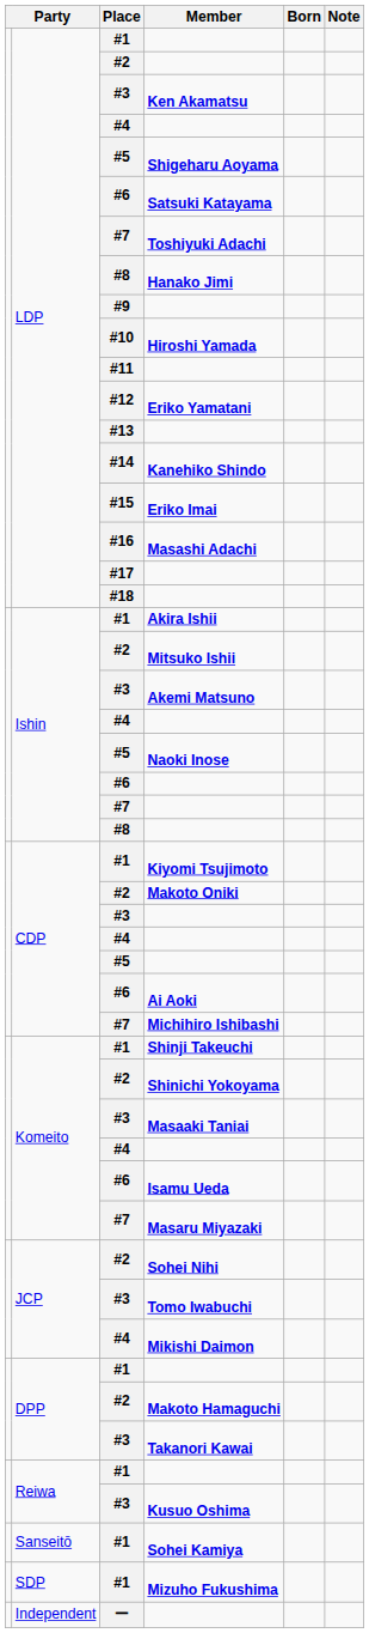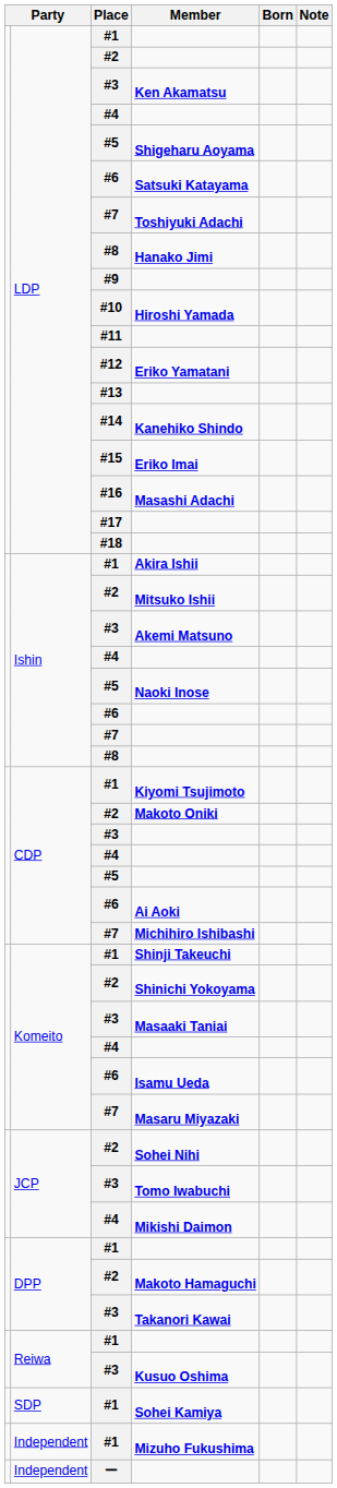 <table class="wikitable sortable plainrowheaders" id="votingmembers">
 <tr style="vertical-align:bottom">
 <th colspan=2>Party</th>
 <th>Place</th>
 <th>Member</th>
 <th>Born</th>
 <th>Note</th>
 </tr>
 <tr>
 <td rowspan=18 style="background-color:"></td>
 <td rowspan=18><a href='#'>LDP</a></td>
 <th>#1</th>
 <td><strong></strong></td>
 <td></td>
 <td></td>
 </tr>
 <tr>
 <th>#2</th>
 <td><strong></strong></td>
 <td></td>
 <td></td>
 </tr>
 <tr>
 <th>#3</th>
 <td><br><strong><a href='#'>Ken Akamatsu</a></strong></td>
 <td></td>
 <td></td>
 </tr>
 <tr>
 <th>#4</th>
 <td><strong></strong></td>
 <td></td>
 <td></td>
 </tr>
 <tr>
 <th>#5</th>
 <td><br><strong><a href='#'>Shigeharu Aoyama</a></strong></td>
 <td></td>
 <td></td>
 </tr>
 <tr>
 <th>#6</th>
 <td><br><strong><a href='#'>Satsuki Katayama</a></strong></td>
 <td></td>
 <td></td>
 </tr>
 <tr>
 <th>#7</th>
 <td><br><strong><a href='#'>Toshiyuki Adachi</a></strong></td>
 <td></td>
 <td></td>
 </tr>
 <tr>
 <th>#8</th>
 <td><br><strong><a href='#'>Hanako Jimi</a></strong></td>
 <td></td>
 <td></td>
 </tr>
 <tr>
 <th>#9</th>
 <td><br><strong></strong></td>
 <td></td>
 <td></td>
 </tr>
 <tr>
 <th>#10</th>
 <td><br><strong><a href='#'>Hiroshi Yamada</a></strong></td>
 <td></td>
 <td></td>
 </tr>
 <tr>
 <th>#11</th>
 <td><strong></strong></td>
 <td></td>
 <td></td>
 </tr>
 <tr>
 <th>#12</th>
 <td><br><strong><a href='#'>Eriko Yamatani</a></strong></td>
 <td></td>
 <td></td>
 </tr>
 <tr>
 <th>#13</th>
 <td><strong></strong></td>
 <td></td>
 <td></td>
 </tr>
 <tr>
 <th>#14</th>
 <td><br><strong><a href='#'>Kanehiko Shindo</a></strong></td>
 <td></td>
 <td></td>
 </tr>
 <tr>
 <th>#15</th>
 <td><br><strong><a href='#'>Eriko Imai</a></strong></td>
 <td></td>
 <td></td>
 </tr>
 <tr>
 <th>#16</th>
 <td><br><strong><a href='#'>Masashi Adachi</a></strong></td>
 <td></td>
 <td></td>
 </tr>
 <tr>
 <th>#17</th>
 <td><strong></strong></td>
 <td></td>
 <td></td>
 </tr>
 <tr>
 <th>#18</th>
 <td><br><strong></strong></td>
 <td></td>
 <td></td>
 </tr>
 <tr>
 <td rowspan=8 style="background-color:"></td>
 <td rowspan=8><a href='#'>Ishin</a></td>
 <th>#1</th>
 <td><strong><a href='#'>Akira Ishii</a></strong></td>
 <td></td>
 <td></td>
 </tr>
 <tr>
 <th>#2</th>
 <td><br><strong><a href='#'>Mitsuko Ishii</a></strong></td>
 <td></td>
 <td></td>
 </tr>
 <tr>
 <th>#3</th>
 <td><br><strong><a href='#'>Akemi Matsuno</a></strong></td>
 <td></td>
 <td></td>
 </tr>
 <tr>
 <th>#4</th>
 <td><strong></strong></td>
 <td></td>
 <td></td>
 </tr>
 <tr>
 <th>#5</th>
 <td><br><strong><a href='#'>Naoki Inose</a></strong></td>
 <td></td>
 <td></td>
 </tr>
 <tr>
 <th>#6</th>
 <td><strong></strong></td>
 <td></td>
 <td></td>
 </tr>
 <tr>
 <th>#7</th>
 <td><br><strong></strong></td>
 <td></td>
 <td></td>
 </tr>
 <tr>
 <th>#8</th>
 <td><br><strong></strong></td>
 <td></td>
 <td></td>
 </tr>
 <tr>
 <td rowspan=7 style="background-color:"></td>
 <td rowspan=7><a href='#'>CDP</a></td>
 <th>#1</th>
 <td><br><strong><a href='#'>Kiyomi Tsujimoto</a></strong></td>
 <td></td>
 <td></td>
 </tr>
 <tr>
 <th>#2</th>
 <td><strong><a href='#'>Makoto Oniki</a></strong></td>
 <td></td>
 <td></td>
 </tr>
 <tr>
 <th>#3</th>
 <td><strong></strong></td>
 <td></td>
 <td></td>
 </tr>
 <tr>
 <th>#4</th>
 <td><strong></strong></td>
 <td></td>
 <td></td>
 </tr>
 <tr>
 <th>#5</th>
 <td><br><strong></strong></td>
 <td></td>
 <td></td>
 </tr>
 <tr>
 <th>#6</th>
 <td><br><strong><a href='#'>Ai Aoki</a></strong></td>
 <td></td>
 <td></td>
 </tr>
 <tr>
 <th>#7</th>
 <td><strong><a href='#'>Michihiro Ishibashi</a></strong></td>
 <td></td>
 <td></td>
 </tr>
 <tr>
 <td rowspan=6 style="background-color:"></td>
 <td rowspan=6><a href='#'>Komeito</a></td>
 <th>#1</th>
 <td><strong><a href='#'>Shinji Takeuchi</a></strong></td>
 <td></td>
 <td></td>
 </tr>
 <tr>
 <th>#2</th>
 <td><br><strong><a href='#'>Shinichi Yokoyama</a></strong></td>
 <td></td>
 <td></td>
 </tr>
 <tr>
 <th>#3</th>
 <td><br><strong><a href='#'>Masaaki Taniai</a></strong></td>
 <td></td>
 <td></td>
 </tr>
 <tr>
 <th>#4</th>
 <td><strong></strong></td>
 <td></td>
 <td></td>
 </tr>
 <tr>
 <th>#6</th>
 <td><br><strong><a href='#'>Isamu Ueda</a></strong></td>
 <td></td>
 <td></td>
 </tr>
 <tr>
 <th>#7</th>
 <td><br><strong><a href='#'>Masaru Miyazaki</a></strong></td>
 <td></td>
 <td></td>
 </tr>
 <tr>
 <td rowspan=3 style="background-color:"></td>
 <td rowspan=3><a href='#'>JCP</a></td>
 <th>#2</th>
 <td><br><strong><a href='#'>Sohei Nihi</a></strong></td>
 <td></td>
 <td></td>
 </tr>
 <tr>
 <th>#3</th>
 <td><br><strong><a href='#'>Tomo Iwabuchi</a></strong></td>
 <td></td>
 <td></td>
 </tr>
 <tr>
 <th>#4</th>
 <td><br><strong><a href='#'>Mikishi Daimon</a></strong></td>
 <td></td>
 <td></td>
 </tr>
 <tr>
 <td rowspan=3 style="background-color:"></td>
 <td rowspan=3><a href='#'>DPP</a></td>
 <th>#1</th>
 <td><br><strong></strong></td>
 <td></td>
 <td></td>
 </tr>
 <tr>
 <th>#2</th>
 <td><br><strong><a href='#'>Makoto Hamaguchi</a></strong></td>
 <td></td>
 <td></td>
 </tr>
 <tr>
 <th>#3</th>
 <td><br><strong><a href='#'>Takanori Kawai</a></strong></td>
 <td></td>
 <td></td>
 </tr>
 <tr>
 <td rowspan=2 style="background-color:"></td>
 <td rowspan=2><a href='#'>Reiwa</a></td>
 <th>#1</th>
 <td><br><strong></strong></td>
 <td></td>
 <td></td>
 </tr>
 <tr>
 <th>#3</th>
 <td><br><strong><a href='#'>Kusuo Oshima</a></strong></td>
 <td></td>
 <td></td>
 </tr>
 <tr>
 <td style="background-color:"></td>
-<td><a href='#'>Sanseitō</a></td>
+<td><a href='#'>SDP</a></td>
 <th>#1</th>
 <td><br><strong><a href='#'>Sohei Kamiya</a></strong></td>
 <td></td>
 <td></td>
 </tr>
 <tr>
 <td style="background-color:"></td>
-<td><a href='#'>SDP</a></td>
+<td><a href='#'>Independent</a></td>
 <th>#1</th>
 <td><br><strong><a href='#'>Mizuho Fukushima</a></strong></td>
 <td></td>
 <td></td>
 </tr>
 <tr>
 <td style="background-color:"></td>
 <td><a href='#'>Independent</a></td>
 <th>ー</th>
 <td><strong></strong></td>
 <td></td>
 <td></td>
 </tr>
 </table>
